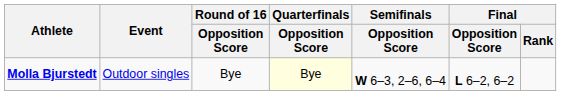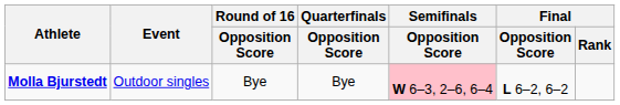 <table class=wikitable style="font-size:90%">
 <tr>
 <th rowspan="2">Athlete</th>
 <th rowspan="2">Event</th>
 <th>Round of 16</th>
 <th>Quarterfinals</th>
 <th>Semifinals</th>
 <th colspan="2">Final</th>
 </tr>
 <tr>
 <th>Opposition<br>Score</th>
 <th>Opposition<br>Score</th>
 <th>Opposition<br>Score</th>
 <th>Opposition<br>Score</th>
 <th>Rank</th>
 </tr>
 <tr>
 <td><strong><a href='#'>Molla Bjurstedt</a></strong></td>
 <td><a href='#'>Outdoor singles</a></td>
 <td align=center>Bye</td>
-<td align=center style="background: lightyellow;">Bye</td>
-<td align=center> <br> <strong>W</strong> 6–3, 2–6, 6–4</td>
+<td align=center>Bye</td>
+<td align=center style="background: pink;"> <br> <strong>W</strong> 6–3, 2–6, 6–4</td>
 <td align=center> <br> <strong>L</strong> 6–2, 6–2</td>
 <td align=center></td>
 </tr>
 </table>
